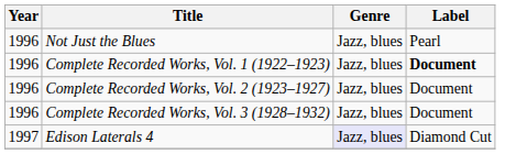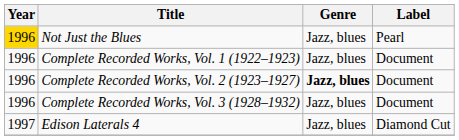 <table class="wikitable">
 <tr>
 <th>Year</th>
 <th>Title</th>
 <th>Genre</th>
 <th>Label</th>
 </tr>
 <tr>
-<td>1996</td>
+<td style="background: gold;">1996</td>
 <td><em>Not Just the Blues</em></td>
 <td>Jazz, blues</td>
 <td>Pearl</td>
 </tr>
 <tr>
 <td>1996</td>
 <td><em>Complete Recorded Works, Vol. 1 (1922–1923)</em></td>
 <td>Jazz, blues</td>
-<td><strong>Document</strong></td>
+<td>Document</td>
 </tr>
 <tr>
 <td>1996</td>
 <td><em>Complete Recorded Works, Vol. 2 (1923–1927)</em></td>
-<td>Jazz, blues</td>
+<td><strong>Jazz, blues</strong></td>
 <td>Document</td>
 </tr>
 <tr>
 <td>1996</td>
 <td><em>Complete Recorded Works, Vol. 3 (1928–1932)</em></td>
 <td>Jazz, blues</td>
 <td>Document</td>
 </tr>
 <tr>
 <td>1997</td>
 <td><em>Edison Laterals 4</em></td>
-<td style="background: lavender;">Jazz, blues</td>
+<td>Jazz, blues</td>
 <td>Diamond Cut</td>
 </tr>
 <tr>
 </tr>
 </table>
